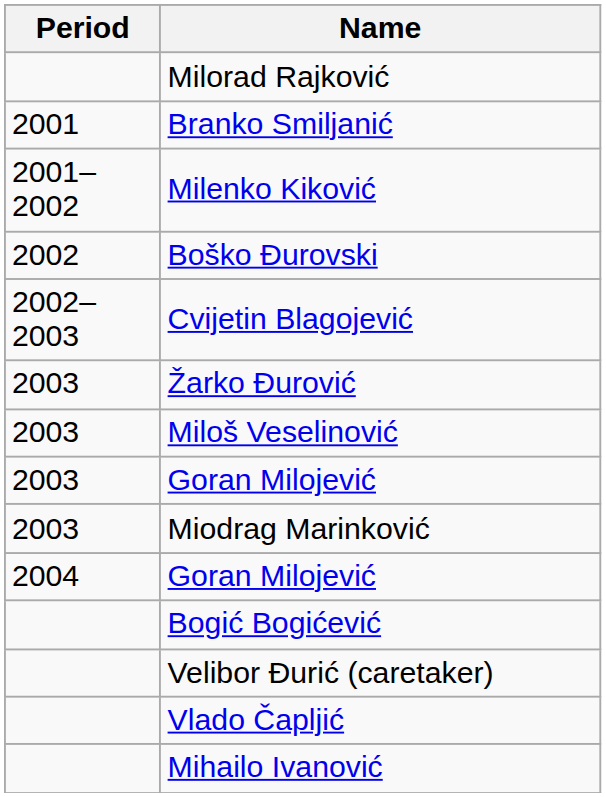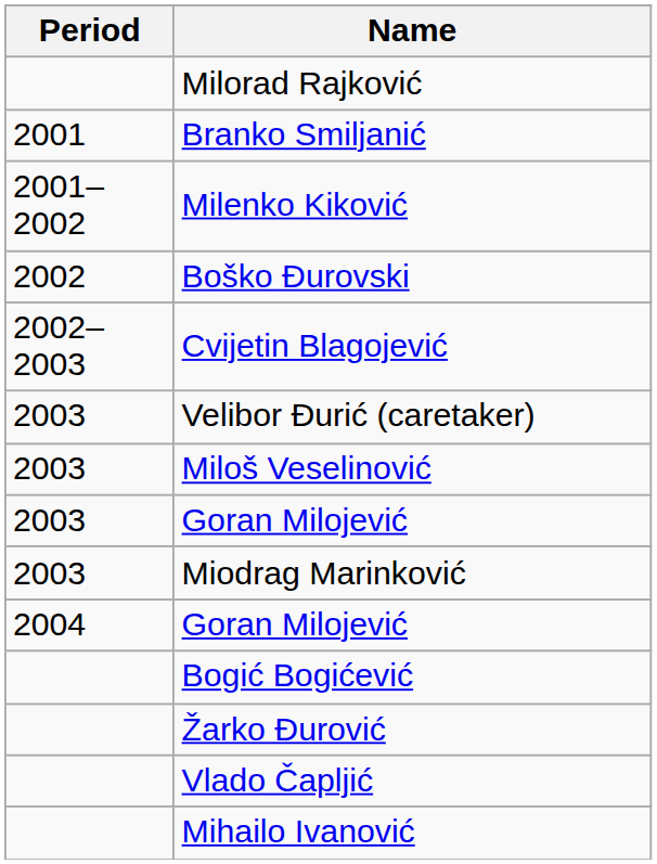 <table class="wikitable">
 <tr>
 <th width="75">Period</th>
 <th width="225">Name</th>
 </tr>
 <tr>
 <td></td>
 <td> Milorad Rajković</td>
 </tr>
 <tr>
 <td>2001</td>
 <td> <a href='#'>Branko Smiljanić</a></td>
 </tr>
 <tr>
 <td>2001–2002</td>
 <td> <a href='#'>Milenko Kiković</a></td>
 </tr>
 <tr>
 <td>2002</td>
 <td> <a href='#'>Boško Đurovski</a></td>
 </tr>
 <tr>
 <td>2002–2003</td>
 <td> <a href='#'>Cvijetin Blagojević</a></td>
 </tr>
 <tr>
 <td>2003</td>
-<td> <a href='#'>Žarko Đurović</a></td>
+<td> Velibor Đurić (caretaker)</td>
 </tr>
 <tr>
 <td>2003</td>
 <td> <a href='#'>Miloš Veselinović</a></td>
 </tr>
 <tr>
 <td>2003</td>
 <td> <a href='#'>Goran Milojević</a></td>
 </tr>
 <tr>
 <td>2003</td>
 <td> Miodrag Marinković</td>
 </tr>
 <tr>
 <td>2004</td>
 <td> <a href='#'>Goran Milojević</a></td>
 </tr>
 <tr>
 <td></td>
 <td> <a href='#'>Bogić Bogićević</a></td>
 </tr>
 <tr>
 <td></td>
-<td> Velibor Đurić (caretaker)</td>
+<td> <a href='#'>Žarko Đurović</a></td>
 </tr>
 <tr>
 <td></td>
 <td> <a href='#'>Vlado Čapljić</a></td>
 </tr>
 <tr>
 <td></td>
 <td> <a href='#'>Mihailo Ivanović</a></td>
 </tr>
 </table>
